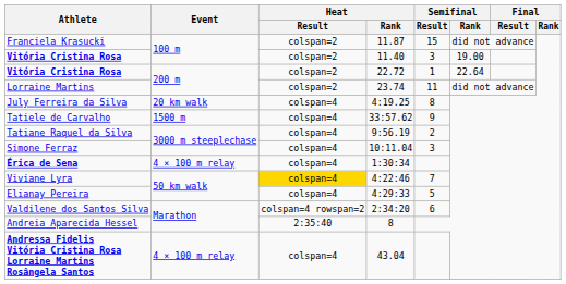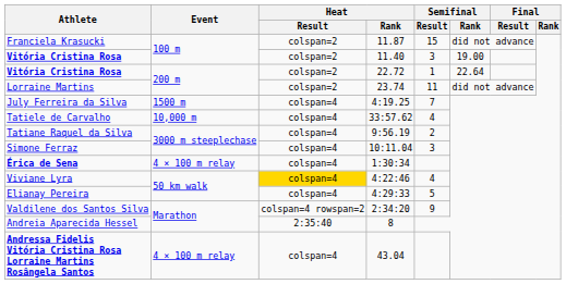 <table class="wikitable" style="font-size:90%">
 <tr>
 <th rowspan="2">Athlete</th>
 <th rowspan="2">Event</th>
 <th colspan="2">Heat</th>
 <th colspan="2">Semifinal</th>
 <th colspan="2">Final</th>
 </tr>
 <tr style="font-size:95%">
 <th>Result</th>
 <th>Rank</th>
 <th>Result</th>
 <th>Rank</th>
 <th>Result</th>
 <th>Rank</th>
 </tr>
 <tr align=center>
 <td align=left><a href='#'>Franciela Krasucki</a></td>
 <td align=left rowspan=2><a href='#'>100 m</a></td>
 <td>colspan=2 </td>
 <td>11.87</td>
 <td>15</td>
 <td colspan=2>did not advance</td>
 </tr>
 <tr align=center>
 <td align=left><strong><a href='#'>Vitória Cristina Rosa</a></strong></td>
 <td>colspan=2 </td>
 <td>11.40</td>
 <td>3</td>
 <td>19.00</td>
 <td></td>
 </tr>
 <tr align=center>
 <td align=left><strong><a href='#'>Vitória Cristina Rosa</a></strong></td>
 <td align=left rowspan=2><a href='#'>200 m</a></td>
 <td>colspan=2 </td>
 <td>22.72</td>
 <td>1</td>
 <td>22.64</td>
 <td></td>
 </tr>
 <tr align=center>
 <td align=left><a href='#'>Lorraine Martins</a></td>
 <td>colspan=2 </td>
 <td>23.74</td>
 <td>11</td>
 <td colspan=2>did not advance</td>
 </tr>
 <tr align=center>
 <td align=left><a href='#'>July Ferreira da Silva</a></td>
-<td align=left><a href='#'>20 km walk</a></td>
+<td align=left rowspan=1><a href='#'>1500 m</a></td>
 <td>colspan=4 </td>
 <td>4:19.25</td>
-<td>8</td>
+<td>7</td>
 </tr>
 <tr align=center>
 <td align=left><a href='#'>Tatiele de Carvalho</a></td>
-<td align=left rowspan=1><a href='#'>1500 m</a></td>
+<td align=left><a href='#'>10,000 m</a></td>
 <td>colspan=4 </td>
 <td>33:57.62</td>
-<td>9</td>
+<td>4</td>
 </tr>
 <tr align=center>
 <td align=left><a href='#'>Tatiane Raquel da Silva</a></td>
 <td align=left rowspan=2><a href='#'>3000 m steeplechase</a></td>
 <td>colspan=4 </td>
 <td>9:56.19</td>
 <td>2</td>
 </tr>
 <tr align=center>
 <td align=left><a href='#'>Simone Ferraz</a></td>
 <td>colspan=4 </td>
 <td>10:11.04</td>
 <td>3</td>
 </tr>
 <tr align=center>
 <td align=left><strong><a href='#'>Érica de Sena</a></strong></td>
 <td align=left><a href='#'>4 × 100 m relay</a></td>
 <td>colspan=4 </td>
 <td>1:30:34</td>
 <td></td>
 </tr>
 <tr align=center>
 <td align=left><a href='#'>Viviane Lyra</a></td>
 <td align=left rowspan=2><a href='#'>50 km walk</a></td>
 <td style="background: gold;">colspan=4 </td>
 <td>4:22:46</td>
-<td>7</td>
+<td>4</td>
 </tr>
 <tr align=center>
 <td align=left><a href='#'>Elianay Pereira</a></td>
 <td>colspan=4 </td>
 <td>4:29:33</td>
 <td>5</td>
 </tr>
 <tr align=center>
 <td align=left><a href='#'>Valdilene dos Santos Silva</a></td>
 <td align=left rowspan=2><a href='#'>Marathon</a></td>
 <td>colspan=4 rowspan=2</td>
 <td>2:34:20</td>
-<td>6</td>
+<td>9</td>
 </tr>
 <tr align=center>
 <td align=left><a href='#'>Andreia Aparecida Hessel</a></td>
 <td>2:35:40</td>
 <td>8</td>
 </tr>
 <tr align=center>
 <td align=left><strong><a href='#'>Andressa Fidelis</a></strong><br><strong><a href='#'>Vitória Cristina Rosa</a></strong><br><strong><a href='#'>Lorraine Martins</a></strong><br><strong><a href='#'>Rosângela Santos</a></strong></td>
 <td align=left><a href='#'>4 × 100 m relay</a></td>
 <td>colspan=4 </td>
 <td>43.04</td>
 <td></td>
 </tr>
 </table>
